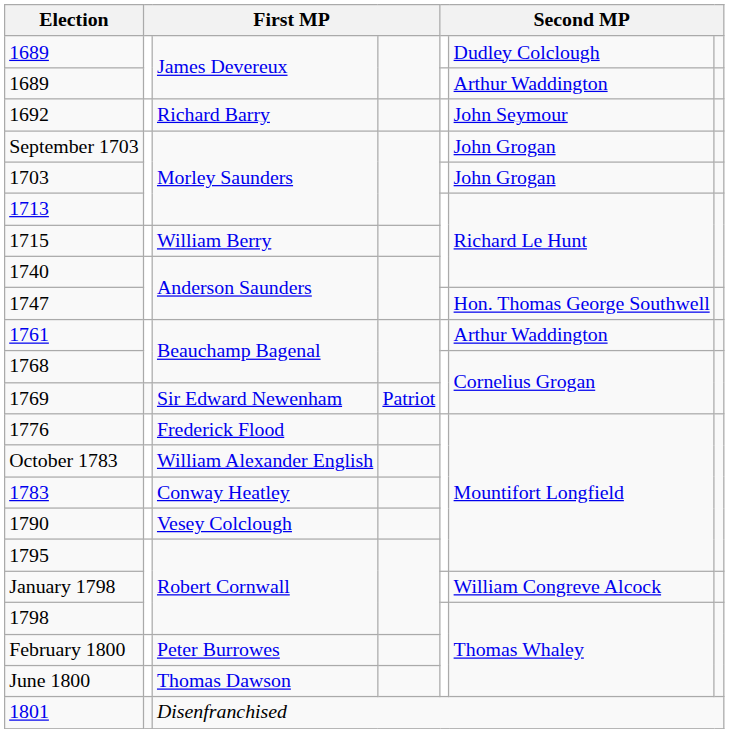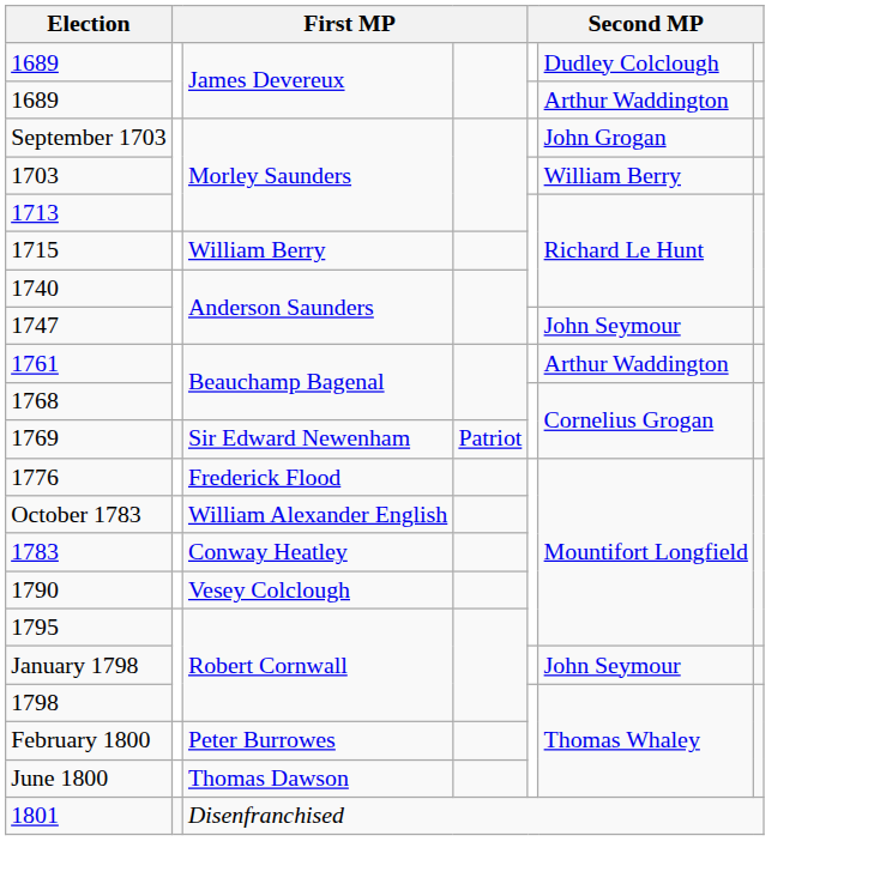 <table class="wikitable">
 <tr>
 <th>Election</th>
 <th colspan=3>First MP</th>
 <th colspan=3>Second MP</th>
 </tr>
 <tr>
 <td><a href='#'>1689</a></td>
 <td rowspan="2" style="background-color: white"></td>
 <td rowspan="2"><a href='#'>James Devereux</a></td>
 <td rowspan="2"></td>
 <td style="background-color: white"></td>
 <td><a href='#'>Dudley Colclough</a></td>
 <td></td>
 </tr>
 <tr>
 <td>1689</td>
 <td style="background-color: white"></td>
 <td><a href='#'>Arthur Waddington</a></td>
 <td></td>
 </tr>
 <tr>
-<td>1692</td>
-<td style="background-color: white"></td>
-<td><a href='#'>Richard Barry</a></td>
-<td></td>
-<td style="background-color: white"></td>
-<td><a href='#'>John Seymour</a></td>
-<td></td>
-</tr>
-<tr>
 <td>September 1703</td>
 <td rowspan="3" style="background-color: white"></td>
 <td rowspan="3"><a href='#'>Morley Saunders</a></td>
 <td rowspan="3"></td>
 <td style="background-color: white"></td>
 <td><a href='#'>John Grogan</a></td>
 <td></td>
 </tr>
 <tr>
 <td>1703</td>
 <td style="background-color: white"></td>
-<td><a href='#'>John Grogan</a></td>
+<td><a href='#'>William Berry</a></td>
 <td></td>
 </tr>
 <tr>
 <td><a href='#'>1713</a></td>
 <td rowspan="3" style="background-color: white"></td>
 <td rowspan="3"><a href='#'>Richard Le Hunt</a></td>
 <td rowspan="3"></td>
 </tr>
 <tr>
 <td>1715</td>
 <td style="background-color: white"></td>
 <td><a href='#'>William Berry</a></td>
 <td></td>
 </tr>
 <tr>
 <td>1740</td>
 <td rowspan="2" style="background-color: white"></td>
 <td rowspan="2"><a href='#'>Anderson Saunders</a></td>
 <td rowspan="2"></td>
 </tr>
 <tr>
 <td>1747</td>
 <td style="background-color: white"></td>
-<td><a href='#'>Hon. Thomas George Southwell</a></td>
+<td><a href='#'>John Seymour</a></td>
 <td></td>
 </tr>
 <tr>
 <td><a href='#'>1761</a></td>
 <td rowspan="2" style="background-color: white"></td>
 <td rowspan="2"><a href='#'>Beauchamp Bagenal</a></td>
 <td rowspan="2"></td>
 <td style="background-color: white"></td>
 <td><a href='#'>Arthur Waddington</a></td>
 <td></td>
 </tr>
 <tr>
 <td>1768</td>
 <td rowspan="2" style="background-color: white"></td>
 <td rowspan="2"><a href='#'>Cornelius Grogan</a></td>
 <td rowspan="2"></td>
 </tr>
 <tr>
 <td>1769</td>
 <td style="background-color: "></td>
 <td><a href='#'>Sir Edward Newenham</a> </td>
 <td><a href='#'>Patriot</a></td>
 </tr>
 <tr>
 <td>1776</td>
 <td style="background-color: white"></td>
 <td><a href='#'>Frederick Flood</a></td>
 <td></td>
 <td rowspan="5" style="background-color: white"></td>
 <td rowspan="5"><a href='#'>Mountifort Longfield</a></td>
 <td rowspan="5"></td>
 </tr>
 <tr>
 <td>October 1783</td>
 <td style="background-color: white"></td>
 <td><a href='#'>William Alexander English</a></td>
 <td></td>
 </tr>
 <tr>
 <td><a href='#'>1783</a></td>
 <td style="background-color: white"></td>
 <td><a href='#'>Conway Heatley</a></td>
 <td></td>
 </tr>
 <tr>
 <td>1790</td>
 <td style="background-color: white"></td>
 <td><a href='#'>Vesey Colclough</a></td>
 <td></td>
 </tr>
 <tr>
 <td>1795</td>
 <td rowspan="3" style="background-color: white"></td>
 <td rowspan="3"><a href='#'>Robert Cornwall</a></td>
 <td rowspan="3"></td>
 </tr>
 <tr>
 <td>January 1798</td>
 <td style="background-color: white"></td>
-<td><a href='#'>William Congreve Alcock</a></td>
+<td><a href='#'>John Seymour</a></td>
 <td></td>
 </tr>
 <tr>
 <td>1798</td>
 <td rowspan="3" style="background-color: white"></td>
 <td rowspan="3"><a href='#'>Thomas Whaley</a></td>
 <td rowspan="3"></td>
 </tr>
 <tr>
 <td>February 1800</td>
 <td style="background-color: white"></td>
 <td><a href='#'>Peter Burrowes</a></td>
 <td></td>
 </tr>
 <tr>
 <td>June 1800</td>
 <td style="background-color: white"></td>
 <td><a href='#'>Thomas Dawson</a></td>
 <td></td>
 </tr>
 <tr>
 <td><a href='#'>1801</a></td>
 <td></td>
 <td colspan="5"><em>Disenfranchised</em></td>
 </tr>
 </table>
